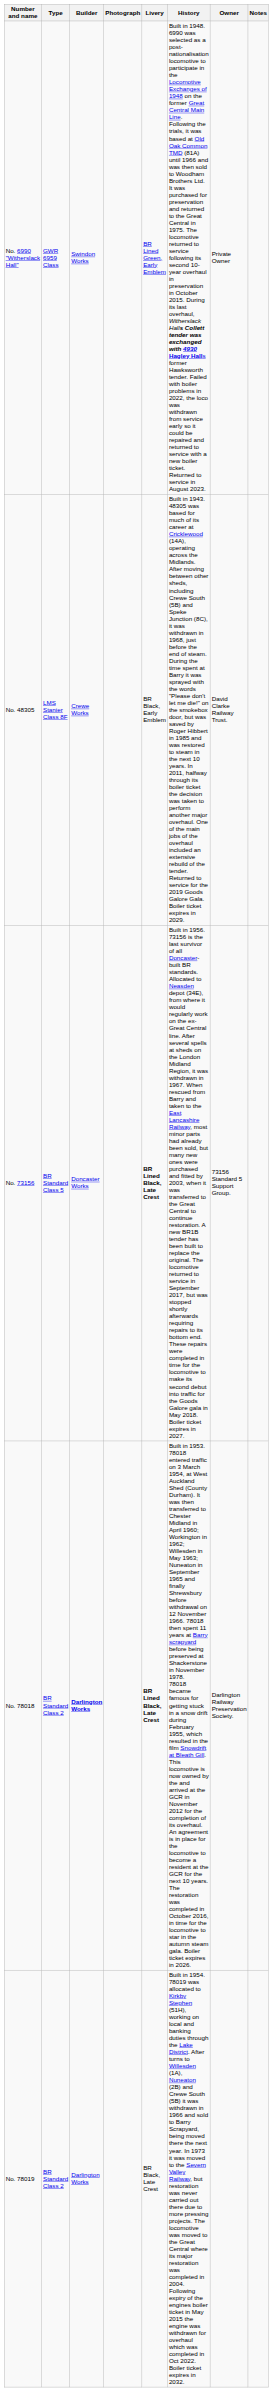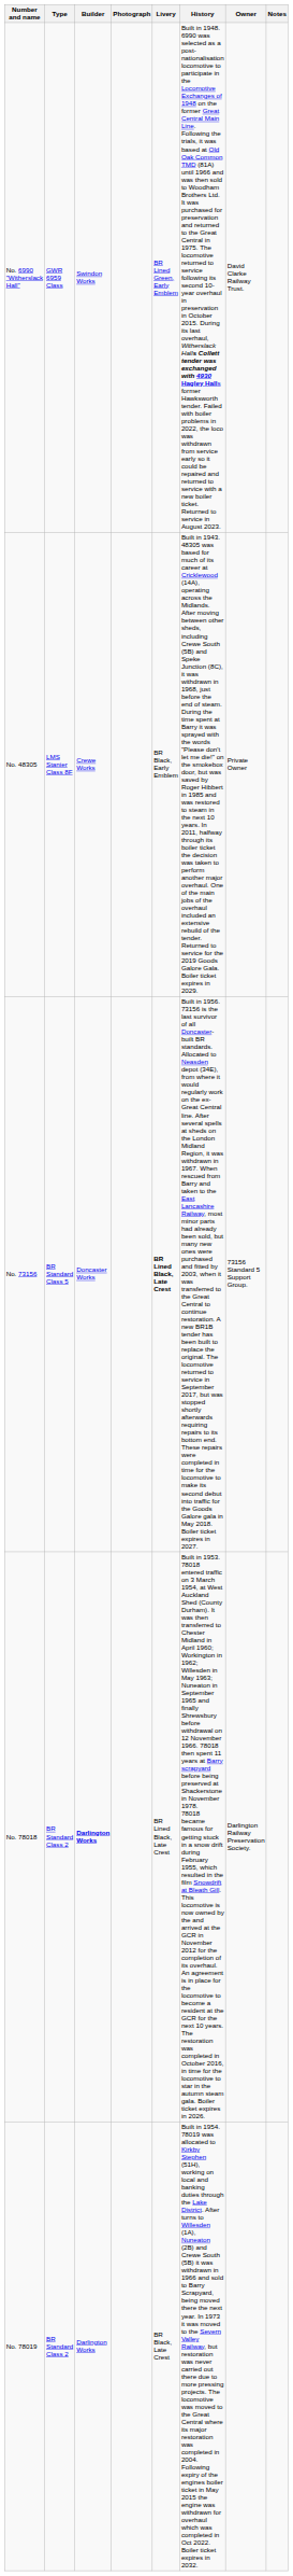 <table class="wikitable">
 <tr>
 <th>Number and name</th>
 <th>Type</th>
 <th>Builder</th>
 <th>Photograph</th>
 <th>Livery</th>
 <th>History</th>
 <th>Owner</th>
 <th>Notes</th>
 </tr>
 <tr>
 <td>No. <a href='#'>6990 "Witherslack Hall"</a></td>
 <td><a href='#'>GWR 6959 Class</a> </td>
 <td><a href='#'>Swindon Works</a></td>
 <td></td>
 <td><a href='#'>BR Lined Green, Early Emblem</a></td>
 <td>Built in 1948. 6990 was selected as a post-nationalisation locomotive to participate in the <a href='#'>Locomotive Exchanges of 1948</a> on the former <a href='#'>Great Central Main Line</a>. Following the trials, it was based at <a href='#'>Old Oak Common TMD</a> (81A) until 1966 and was then sold to Woodham Brothers Ltd. It was purchased for preservation and returned to the Great Central in 1975. The locomotive returned to service following its second 10-year overhaul in preservation in October 2015. During its last overhaul, <em>Witherslack Hall<strong>s Collett tender was exchanged with <a href='#'>4930 </em>Hagley Hall</strong>s</a> former Hawksworth tender. Failed with boiler problems in 2022, the loco was withdrawn from service early so it could be repaired and returned to service with a new boiler ticket. Returned to service in August 2023.</td>
-<td>Private Owner</td>
+<td>David Clarke Railway Trust.</td>
 <td></td>
 </tr>
 <tr>
 <td>No. 48305</td>
 <td><a href='#'>LMS Stanier Class 8F</a> </td>
 <td><a href='#'>Crewe Works</a></td>
 <td></td>
 <td>BR Black, Early Emblem</td>
 <td>Built in 1943. 48305 was based for much of its career at <a href='#'>Cricklewood</a> (14A), operating across the Midlands. After moving between other sheds, including Crewe South (5B) and Speke Junction (8C), it was withdrawn in 1968, just before the end of steam. During the time spent at Barry it was sprayed with the words "Please don't let me die!" on the smokebox door, but was saved by Roger Hibbert in 1985 and was restored to steam in the next 10 years. In 2011, halfway through its boiler ticket the decision was taken to perform another major overhaul. One of the main jobs of the overhaul included an extensive rebuild of the tender. Returned to service for the 2019 Goods Galore Gala. Boiler ticket expires in 2029.</td>
-<td>David Clarke Railway Trust.</td>
+<td>Private Owner</td>
 <td></td>
 </tr>
 <tr>
 <td>No. <a href='#'>73156</a></td>
 <td><a href='#'>BR Standard Class 5</a> </td>
 <td><a href='#'>Doncaster Works</a></td>
 <td></td>
 <td><strong>BR Lined Black, Late Crest</strong></td>
 <td>Built in 1956. 73156 is the last survivor of all <a href='#'>Doncaster</a>-built BR standards. Allocated to <a href='#'>Neasden</a> depot (34E), from where it would regularly work on the ex-Great Central line. After several spells at sheds on the London Midland Region, it was withdrawn in 1967. When rescued from Barry and taken to the <a href='#'>East Lancashire Railway</a>, most minor parts had already been sold, but many new ones were purchased and fitted by 2003, when it was transferred to the Great Central to continue restoration. A new BR1B tender has been built to replace the original. The locomotive returned to service in September 2017, but was stopped shortly afterwards requiring repairs to its bottom end. These repairs were completed in time for the locomotive to make its second debut into traffic for the Goods Galore gala in May 2018. Boiler ticket expires in 2027.</td>
 <td>73156 Standard 5 Support Group.</td>
 <td></td>
 </tr>
 <tr>
 <td>No. 78018</td>
 <td><a href='#'>BR Standard Class 2</a> </td>
 <td><strong><a href='#'>Darlington Works</a></strong></td>
 <td></td>
-<td><strong>BR Lined Black, Late Crest</strong></td>
+<td>BR Lined Black, Late Crest</td>
 <td>Built in 1953. 78018 entered traffic on 3 March 1954, at West Auckland Shed (County Durham). It was then transferred to Chester Midland in April 1960; Workington in 1962; Willesden in May 1963; Nuneaton in September 1965 and finally Shrewsbury before withdrawal on 12 November 1966. 78018 then spent 11 years at <a href='#'>Barry scrapyard</a> before being preserved at Shackerstone in November 1978.<br>78018 became famous for getting stuck in a snow drift during February 1955, which resulted in the film <a href='#'>Snowdrift at Bleath Gill</a>.  This locomotive is now owned by the  and arrived at the GCR in November 2012 for the completion of its overhaul. An agreement is in place for the locomotive to become a resident at the GCR for the next 10 years. The restoration was completed in October 2016, in time for the locomotive to star in the autumn steam gala. Boiler ticket expires in 2026.</td>
 <td>Darlington Railway Preservation Society.</td>
 <td></td>
 </tr>
 <tr>
 <td>No. 78019</td>
 <td><a href='#'>BR Standard Class 2</a> </td>
 <td><a href='#'>Darlington Works</a></td>
 <td></td>
 <td>BR Black, Late Crest</td>
 <td>Built in 1954. 78019 was allocated to <a href='#'>Kirkby Stephen</a> (51H), working on local and banking duties through the <a href='#'>Lake District</a>. After turns to <a href='#'>Willesden</a> (1A), <a href='#'>Nuneaton</a> (2B) and Crewe South (5B) it was withdrawn in 1966 and sold to Barry Scrapyard, being moved there the next year. In 1973 it was moved to the <a href='#'>Severn Valley Railway</a>, but restoration was never carried out there due to more pressing projects. The locomotive was moved to the Great Central where its major restoration was completed in 2004. Following expiry of the engines boiler ticket in May 2015 the engine was withdrawn for overhaul which was completed in Oct 2022. Boiler ticket expires in 2032.</td>
 <td></td>
 </tr>
 </table>
